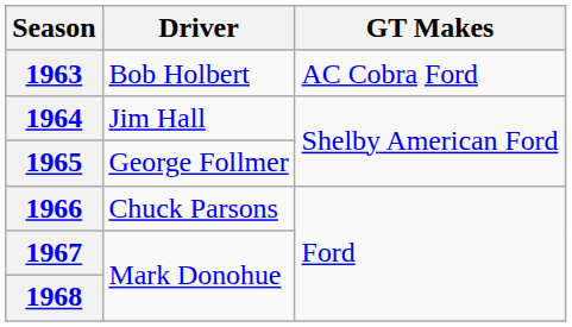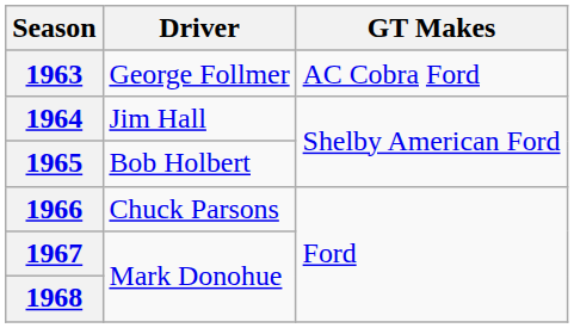 <table class="wikitable" font:size="95%">
 <tr>
 <th>Season</th>
 <th>Driver</th>
 <th>GT Makes</th>
 </tr>
 <tr>
 <th><a href='#'>1963</a></th>
-<td> <a href='#'>Bob Holbert</a></td>
+<td> <a href='#'>George Follmer</a></td>
 <td> <a href='#'>AC Cobra</a> <a href='#'>Ford</a></td>
 </tr>
 <tr>
 <th><a href='#'>1964</a></th>
 <td> <a href='#'>Jim Hall</a></td>
 <td rowspan=2> <a href='#'>Shelby American Ford</a></td>
 </tr>
 <tr>
 <th><a href='#'>1965</a></th>
-<td> <a href='#'>George Follmer</a></td>
+<td> <a href='#'>Bob Holbert</a></td>
 </tr>
 <tr>
 <th><a href='#'>1966</a></th>
 <td> <a href='#'>Chuck Parsons</a></td>
 <td rowspan=3> <a href='#'>Ford</a></td>
 </tr>
 <tr>
 <th><a href='#'>1967</a></th>
 <td rowspan=2> <a href='#'>Mark Donohue</a></td>
 </tr>
 <tr>
 <th><a href='#'>1968</a></th>
 </tr>
 </table>
